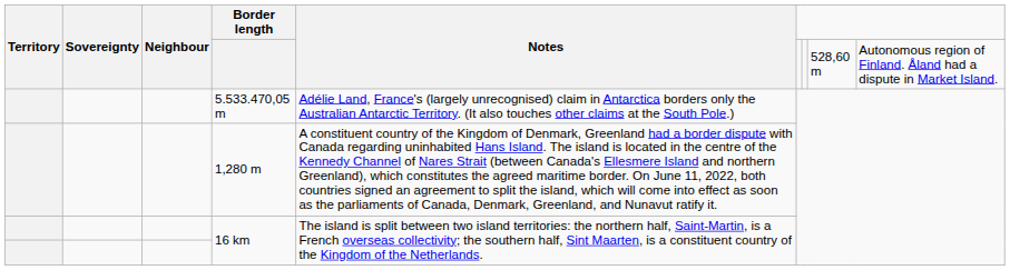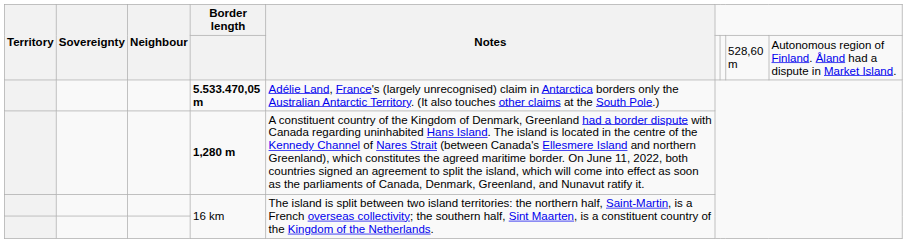 <table class="wikitable sortable plainrowheaders">
 <tr>
 <th rowspan="2" scope="col">Territory</th>
 <th rowspan="2" scope="col">Sovereignty</th>
 <th rowspan="2" scope="col">Neighbour</th>
 <th>Border length</th>
 <th rowspan="2" scope="col" class="unsortable" style="width: 50%">Notes</th>
 </tr>
 <tr>
 <th scope="row"></th>
 <td></td>
 <td></td>
 <td>528,60 m</td>
 <td>Autonomous region of <a href='#'>Finland</a>. <a href='#'>Åland</a> had a dispute in <a href='#'>Market Island</a>.</td>
 </tr>
 <tr>
 <th scope="row"></th>
 <td></td>
 <td></td>
-<td>5.533.470,05 m</td>
+<td><strong>5.533.470,05 m</strong></td>
 <td><a href='#'>Adélie Land</a>, <a href='#'>France</a>'s (largely unrecognised) claim in <a href='#'>Antarctica</a> borders only the <a href='#'>Australian Antarctic Territory</a>. (It also touches <a href='#'>other claims</a> at the <a href='#'>South Pole</a>.)</td>
 </tr>
 <tr>
 <th scope="row"></th>
 <td></td>
 <td></td>
-<td>1,280 m</td>
+<td><strong>1,280 m</strong></td>
 <td>A constituent country of the Kingdom of Denmark, Greenland <a href='#'>had a border dispute</a> with Canada regarding uninhabited <a href='#'>Hans Island</a>. The island is located in the centre of the <a href='#'>Kennedy Channel</a> of <a href='#'>Nares Strait</a> (between Canada's <a href='#'>Ellesmere Island</a> and northern Greenland), which constitutes the agreed maritime border. On June 11, 2022, both countries signed an agreement to split the island, which will come into effect as soon as the parliaments of Canada, Denmark, Greenland, and Nunavut ratify it.</td>
 </tr>
 <tr>
 <th scope="row"></th>
 <td></td>
 <td></td>
 <td rowspan="2">16 km</td>
 <td rowspan="2">The island is split between two island territories: the northern half, <a href='#'>Saint-Martin</a>, is a French <a href='#'>overseas collectivity</a>; the southern half, <a href='#'>Sint Maarten</a>, is a constituent country of the <a href='#'>Kingdom of the Netherlands</a>.</td>
 </tr>
 <tr>
 <th scope="row"></th>
 <td></td>
 <td></td>
 </tr>
 </table>
